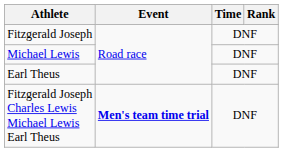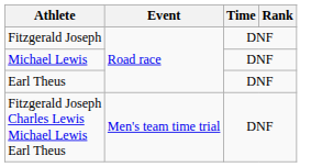 <table class=wikitable style="font-size:90%">
 <tr>
 <th>Athlete</th>
 <th>Event</th>
 <th>Time</th>
 <th>Rank</th>
 </tr>
 <tr align=center>
 <td align=left>Fitzgerald Joseph</td>
 <td align=left rowspan=3><a href='#'>Road race</a></td>
 <td colspan=2>DNF</td>
 </tr>
 <tr align=center>
 <td align=left><a href='#'>Michael Lewis</a></td>
 <td colspan=2>DNF</td>
 </tr>
 <tr align=center>
 <td align=left>Earl Theus</td>
 <td colspan=2>DNF</td>
 </tr>
 <tr align=center>
 <td align=left>Fitzgerald Joseph<br><a href='#'>Charles Lewis</a><br><a href='#'>Michael Lewis</a><br>Earl Theus</td>
-<td align=left><strong><a href='#'>Men's team time trial</a></strong></td>
+<td align=left><a href='#'>Men's team time trial</a></td>
 <td colspan=2>DNF</td>
 </tr>
 </table>
